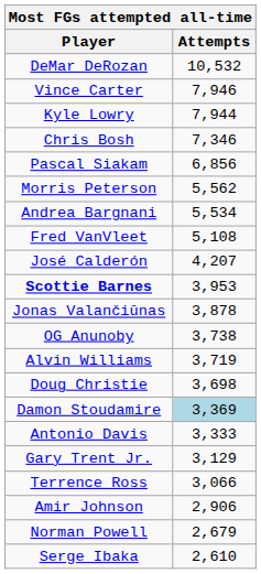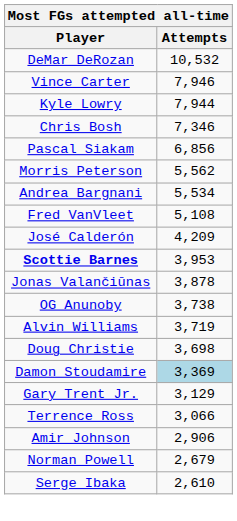 <table class="wikitable sortable" style="text-align:center">
 <tr>
 <th colspan="2">Most FGs attempted all-time</th>
 </tr>
 <tr>
 <th>Player</th>
 <th>Attempts</th>
 </tr>
 <tr>
 <td><a href='#'>DeMar DeRozan</a></td>
 <td>10,532</td>
 </tr>
 <tr>
 <td><a href='#'>Vince Carter</a></td>
 <td>7,946</td>
 </tr>
 <tr>
 <td><a href='#'>Kyle Lowry</a></td>
 <td>7,944</td>
 </tr>
 <tr>
 <td><a href='#'>Chris Bosh</a></td>
 <td>7,346</td>
 </tr>
 <tr>
 <td><a href='#'>Pascal Siakam</a></td>
 <td>6,856</td>
 </tr>
 <tr>
 <td><a href='#'>Morris Peterson</a></td>
 <td>5,562</td>
 </tr>
 <tr>
 <td><a href='#'>Andrea Bargnani</a></td>
 <td>5,534</td>
 </tr>
 <tr>
 <td><a href='#'>Fred VanVleet</a></td>
 <td>5,108</td>
 </tr>
 <tr>
 <td><a href='#'>José Calderón</a></td>
-<td>4,207</td>
+<td>4,209</td>
 </tr>
 <tr>
 <td><strong><a href='#'>Scottie Barnes</a></strong></td>
 <td>3,953</td>
 </tr>
 <tr>
 <td><a href='#'>Jonas Valančiūnas</a></td>
 <td>3,878</td>
 </tr>
 <tr>
 <td><a href='#'>OG Anunoby</a></td>
 <td>3,738</td>
 </tr>
 <tr>
 <td><a href='#'>Alvin Williams</a></td>
 <td>3,719</td>
 </tr>
 <tr>
 <td><a href='#'>Doug Christie</a></td>
 <td>3,698</td>
 </tr>
 <tr>
 <td><a href='#'>Damon Stoudamire</a></td>
 <td style="background: lightblue;">3,369</td>
 </tr>
 <tr>
-<td><a href='#'>Antonio Davis</a></td>
-<td>3,333</td>
-</tr>
-<tr>
 <td><a href='#'>Gary Trent Jr.</a></td>
 <td>3,129</td>
 </tr>
 <tr>
 <td><a href='#'>Terrence Ross</a></td>
 <td>3,066</td>
 </tr>
 <tr>
 <td><a href='#'>Amir Johnson</a></td>
 <td>2,906</td>
 </tr>
 <tr>
 <td><a href='#'>Norman Powell</a></td>
 <td>2,679</td>
 </tr>
 <tr>
 <td><a href='#'>Serge Ibaka</a></td>
 <td>2,610</td>
 </tr>
 </table>
